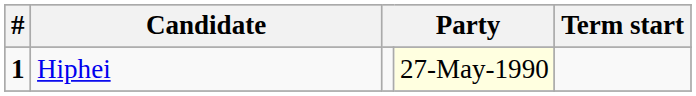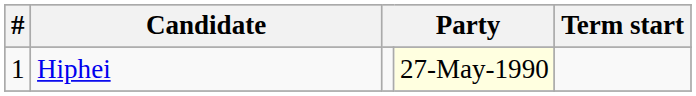 <table class="wikitable">
 <tr>
 <th>#</th>
 <th style="width:200px">Candidate</th>
 <th colspan="2">Party</th>
 <th>Term start</th>
 </tr>
 <tr>
-<td><strong>1</strong></td>
+<td>1</td>
 <td><a href='#'>Hiphei</a></td>
 <td></td>
 <td style="background: lightyellow;">27-May-1990</td>
 </tr>
 </table>
